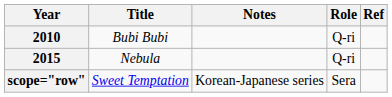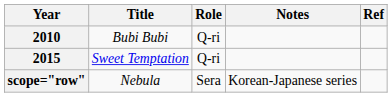 <table class="wikitable plainrowheaders" style="text-align:center">
 <tr>
 <th>Year</th>
 <th>Title</th>
+<th>Role</th>
 <th>Notes</th>
-<th>Role</th>
 <th>Ref</th>
 </tr>
 <tr>
 <th scope="row">2010</th>
 <td><em>Bubi Bubi</em></td>
+<td>Q-ri</td>
 <td></td>
-<td>Q-ri</td>
 <td></td>
 </tr>
 <tr>
 <th scope="row">2015</th>
-<td><em>Nebula</em></td>
+<td><em><a href='#'>Sweet Temptation</a></em></td>
+<td>Q-ri</td>
 <td></td>
-<td>Q-ri</td>
 <td></td>
 </tr>
 <tr>
 <th>scope="row" </th>
-<td><em><a href='#'>Sweet Temptation</a></em></td>
+<td><em>Nebula</em></td>
+<td>Sera</td>
 <td>Korean-Japanese series</td>
-<td>Sera</td>
 <td align="center"></td>
 </tr>
 </table>
